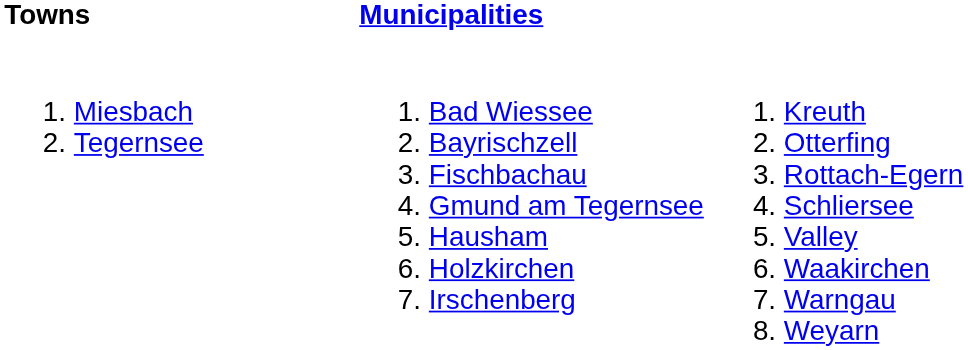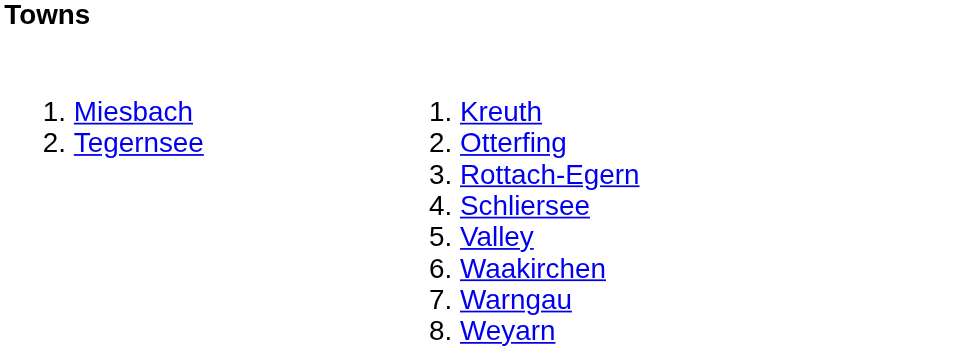 <table>
 <tr>
 <th width=33% align=left>Towns</th>
-<th width=33% align=left><a href='#'>Municipalities</a></th>
 <th width=33% align=left></th>
 </tr>
 <tr valign=top>
 <td><br><ol><li><a href='#'>Miesbach</a></li><li><a href='#'>Tegernsee</a></li></ol></td>
-<td><br><ol><li><a href='#'>Bad Wiessee</a></li><li><a href='#'>Bayrischzell</a></li><li><a href='#'>Fischbachau</a></li><li><a href='#'>Gmund am Tegernsee</a></li><li><a href='#'>Hausham</a></li><li><a href='#'>Holzkirchen</a></li><li><a href='#'>Irschenberg</a></li></ol></td>
 <td><br><ol> <li><a href='#'>Kreuth</a> <li><a href='#'>Otterfing</a> <li><a href='#'>Rottach-Egern</a> <li><a href='#'>Schliersee</a> <li><a href='#'>Valley</a> <li><a href='#'>Waakirchen</a> <li><a href='#'>Warngau</a> <li><a href='#'>Weyarn</a> </ol></td>
 </tr>
 </table>
